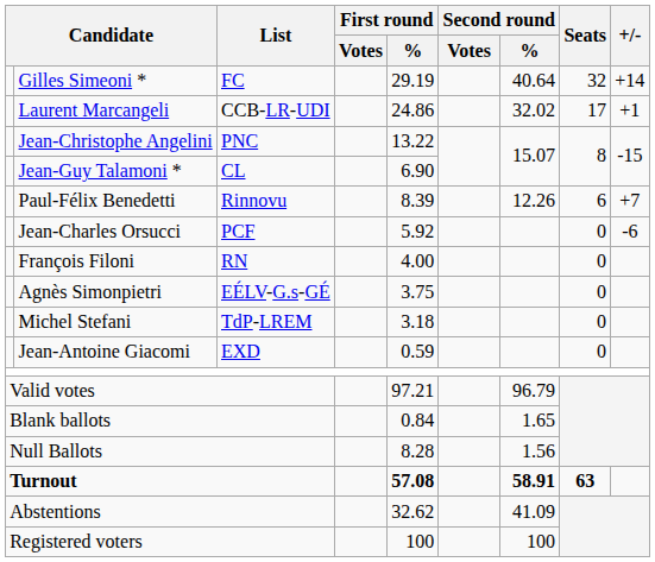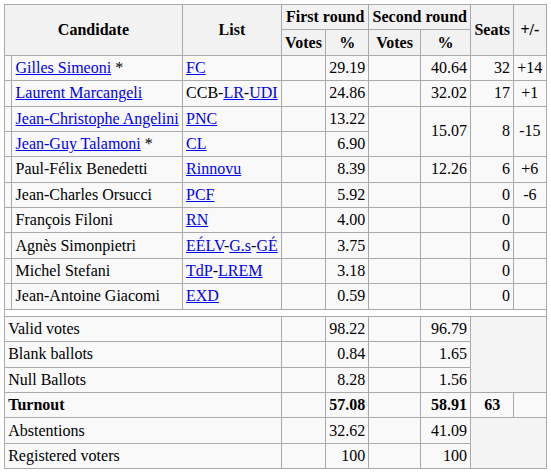 <table class="wikitable centre" style="text-align:right;">
 <tr>
 <th rowspan=2 colspan=2 scope=col>Candidate</th>
 <th rowspan=2 scope=col>List</th>
 <th colspan=2 scope=col>First round</th>
 <th colspan=2 scope=col>Second round</th>
 <th rowspan=2 scope=col>Seats</th>
 <th rowspan=2 scope=col>+/-</th>
 </tr>
 <tr>
 <th scope=col>Votes</th>
 <th scope=col>%</th>
 <th scope=col>Votes</th>
 <th scope=col>%</th>
 </tr>
 <tr>
 <td bgcolor=></td>
 <td align="left"><a href='#'>Gilles Simeoni</a> *</td>
 <td align="left"><a href='#'>FC</a></td>
 <td></td>
 <td>29.19</td>
 <td></td>
 <td>40.64</td>
 <td>32</td>
 <td align="center">+14</td>
 </tr>
 <tr>
 <td bgcolor=></td>
 <td align="left"><a href='#'>Laurent Marcangeli</a></td>
 <td align="left">CCB-<a href='#'>LR</a>-<a href='#'>UDI</a></td>
 <td></td>
 <td>24.86</td>
 <td></td>
 <td>32.02</td>
 <td>17</td>
 <td align="center">+1</td>
 </tr>
 <tr>
 <td bgcolor=></td>
 <td align="left"><a href='#'>Jean-Christophe Angelini</a></td>
 <td align="left"><a href='#'>PNC</a></td>
 <td></td>
 <td>13.22</td>
 <td rowspan="2"></td>
 <td rowspan="2">15.07</td>
 <td rowspan="2">8</td>
 <td rowspan="2" align="center">-15</td>
 </tr>
 <tr>
 <td></td>
 <td align="left"><a href='#'>Jean-Guy Talamoni</a> *</td>
 <td align="left"><a href='#'>CL</a></td>
 <td></td>
 <td>6.90</td>
 </tr>
 <tr>
 <td bgcolor=></td>
 <td align="left">Paul-Félix Benedetti</td>
 <td align="left"><a href='#'>Rinnovu</a></td>
 <td></td>
 <td>8.39</td>
 <td></td>
 <td>12.26</td>
 <td>6</td>
-<td align="center">+7</td>
+<td align="center">+6</td>
 </tr>
 <tr>
 <td bgcolor=></td>
 <td align="left">Jean-Charles Orsucci</td>
 <td align="left"><a href='#'>PCF</a></td>
 <td></td>
 <td>5.92</td>
 <td></td>
 <td></td>
 <td>0</td>
 <td align="center">-6</td>
 </tr>
 <tr>
 <td bgcolor=></td>
 <td align="left">François Filoni</td>
 <td align="left"><a href='#'>RN</a></td>
 <td></td>
 <td>4.00</td>
 <td></td>
 <td></td>
 <td>0</td>
 <td align="center"></td>
 </tr>
 <tr>
 <td bgcolor=></td>
 <td align="left">Agnès Simonpietri</td>
 <td align="left"><a href='#'>EÉLV</a>-<a href='#'>G.s</a>-<a href='#'>GÉ</a></td>
 <td></td>
 <td>3.75</td>
 <td></td>
 <td></td>
 <td>0</td>
 <td align="center"></td>
 </tr>
 <tr>
 <td bgcolor=></td>
 <td align="left">Michel Stefani</td>
 <td align="left"><a href='#'>TdP</a>-<a href='#'>LREM</a></td>
 <td></td>
 <td>3.18</td>
 <td></td>
 <td></td>
 <td>0</td>
 <td align="center"></td>
 </tr>
 <tr>
 <td bgcolor=></td>
 <td align="left">Jean-Antoine Giacomi</td>
 <td align="left"><a href='#'>EXD</a></td>
 <td></td>
 <td>0.59</td>
 <td></td>
 <td></td>
 <td>0</td>
 <td align="center"></td>
 </tr>
 <tr style="background:white;">
 <td colspan=9></td>
 </tr>
 <tr>
 <td colspan=3 style="text-align:left;">Valid votes</td>
 <td></td>
-<td>97.21</td>
+<td>98.22</td>
 <td></td>
 <td>96.79</td>
 <td colspan="2" rowspan="3" bgcolor=#F4F4F4></td>
 </tr>
 <tr>
 <td colspan=3 style="text-align:left;">Blank ballots</td>
 <td></td>
 <td>0.84</td>
 <td></td>
 <td>1.65</td>
 </tr>
 <tr>
 <td colspan=3 style="text-align:left;">Null Ballots</td>
 <td></td>
 <td>8.28</td>
 <td></td>
 <td>1.56</td>
 </tr>
 <tr style="font-weight:bold;">
 <td colspan=3 style="text-align:left;">Turnout</td>
 <td></td>
 <td>57.08</td>
 <td></td>
 <td>58.91</td>
 <td align=center>63</td>
 <td align=center></td>
 </tr>
 <tr>
 <td colspan=3 style="text-align:left;">Abstentions</td>
 <td></td>
 <td>32.62</td>
 <td></td>
 <td>41.09</td>
 <td colspan="2" rowspan="2" bgcolor=#F4F4F4></td>
 </tr>
 <tr>
 <td colspan=3 style="text-align:left;">Registered voters</td>
 <td></td>
 <td>100</td>
 <td></td>
 <td>100</td>
 </tr>
 </table>
